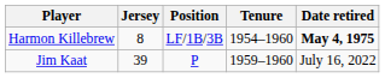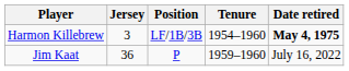 <table class="wikitable" style="text-align:center">
 <tr>
 <th style="text-align:center; ">Player</th>
 <th style="text-align:center; ">Jersey</th>
 <th style="text-align:center; ">Position</th>
 <th style="text-align:center; ">Tenure</th>
 <th style="text-align:center; ">Date retired</th>
 </tr>
 <tr style="vertical-align:top">
 <td style="text-align:center;"><a href='#'>Harmon Killebrew</a></td>
-<td>8</td>
+<td>3</td>
 <td><a href='#'>LF</a>/<a href='#'>1B</a>/<a href='#'>3B</a></td>
 <td>1954–1960</td>
 <td><strong>May 4, 1975</strong></td>
 </tr>
 <tr style="vertical-align:top">
 <td style="text-align:center;"><a href='#'>Jim Kaat</a></td>
-<td>39</td>
+<td>36</td>
 <td><a href='#'>P</a></td>
 <td>1959–1960</td>
 <td>July 16, 2022</td>
 </tr>
 </table>
